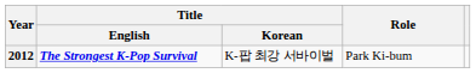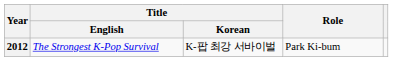 <table class="wikitable sortable plainrowheaders">
 <tr>
 <th scope="col" rowspan="2">Year</th>
 <th scope="col" colspan="2">Title</th>
 <th scope="col" rowspan="2" style="width:9em;">Role</th>
 <th scope="col" rowspan="2" class="unsortable"></th>
 </tr>
 <tr>
 <th scope="col" style="width:14em;">English</th>
 <th scope="col" style="width:9em;">Korean</th>
 </tr>
 <tr>
 <th scope="row">2012</th>
-<td><strong><em><a href='#'>The Strongest K-Pop Survival</a></em></strong></td>
+<td><em><a href='#'>The Strongest K-Pop Survival</a></em></td>
 <td>K-팝 최강 서바이벌</td>
 <td>Park Ki-bum</td>
 <td style="text-align:center"></td>
 </tr>
 </table>
